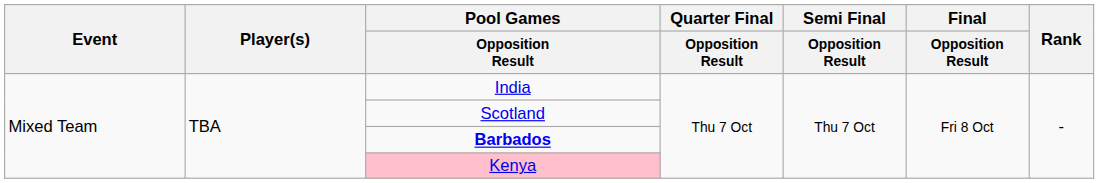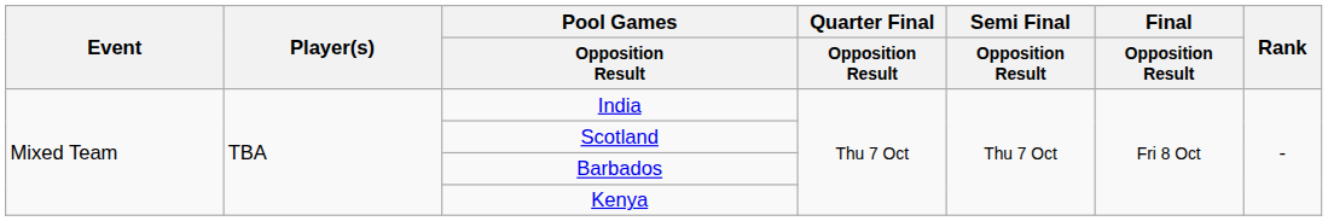 <table class=wikitable style="font-size:90%">
 <tr>
 <th rowspan="2" width=150>Event</th>
 <th rowspan="2" width=150>Player(s)</th>
 <th width=250>Pool Games</th>
 <th width=100>Quarter Final</th>
 <th width=100>Semi Final</th>
 <th width=100>Final</th>
 <th rowspan="2" width=50>Rank</th>
 </tr>
 <tr>
 <th style="line-height:1em"><small>Opposition<br>Result</small></th>
 <th style="line-height:1em"><small>Opposition<br>Result</small></th>
 <th style="line-height:1em"><small>Opposition<br>Result</small></th>
 <th style="line-height:1em"><small>Opposition<br>Result</small></th>
 </tr>
 <tr>
 <td rowspan=4>Mixed Team</td>
 <td rowspan=4>TBA</td>
 <td align="center"> <a href='#'>India</a></td>
 <td rowspan=4 align="center"><small>Thu 7 Oct</small></td>
 <td rowspan=4 align="center"><small>Thu 7 Oct</small></td>
 <td rowspan=4 align="center"><small>Fri 8 Oct</small></td>
 <td rowspan=4 align="center">-</td>
 </tr>
 <tr>
 <td align="center"> <a href='#'>Scotland</a></td>
 </tr>
 <tr>
-<td align="center"><strong> <a href='#'>Barbados</a></strong></td>
+<td align="center"> <a href='#'>Barbados</a></td>
 </tr>
 <tr>
-<td align="center" style="background: pink;"> <a href='#'>Kenya</a></td>
+<td align="center"> <a href='#'>Kenya</a></td>
 </tr>
 </table>
